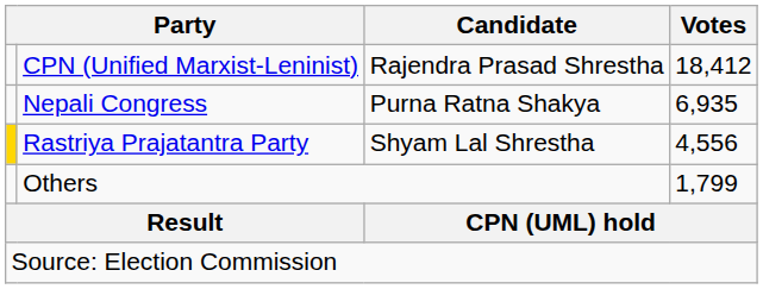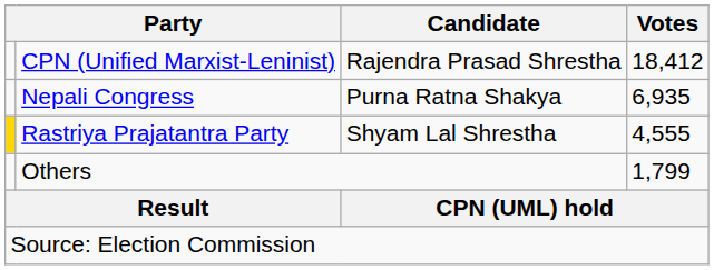 <table class="wikitable">
 <tr>
 <th colspan="2">Party</th>
 <th>Candidate</th>
 <th>Votes</th>
 </tr>
 <tr>
 <td style="background-color:"></td>
 <td><a href='#'>CPN (Unified Marxist-Leninist)</a></td>
 <td>Rajendra Prasad Shrestha</td>
 <td>18,412</td>
 </tr>
 <tr>
 <td style="background-color:"></td>
 <td><a href='#'>Nepali Congress</a></td>
 <td>Purna Ratna Shakya</td>
 <td>6,935</td>
 </tr>
 <tr>
 <td style="background-color:gold"></td>
 <td><a href='#'>Rastriya Prajatantra Party</a></td>
 <td>Shyam Lal Shrestha</td>
-<td>4,556</td>
+<td>4,555</td>
 </tr>
 <tr>
 <td></td>
 <td colspan="2">Others</td>
 <td>1,799</td>
 </tr>
 <tr>
 <th colspan="2">Result</th>
 <th colspan="2">CPN (UML) hold</th>
 </tr>
 <tr>
 <td colspan="4">Source: Election Commission</td>
 </tr>
 </table>
